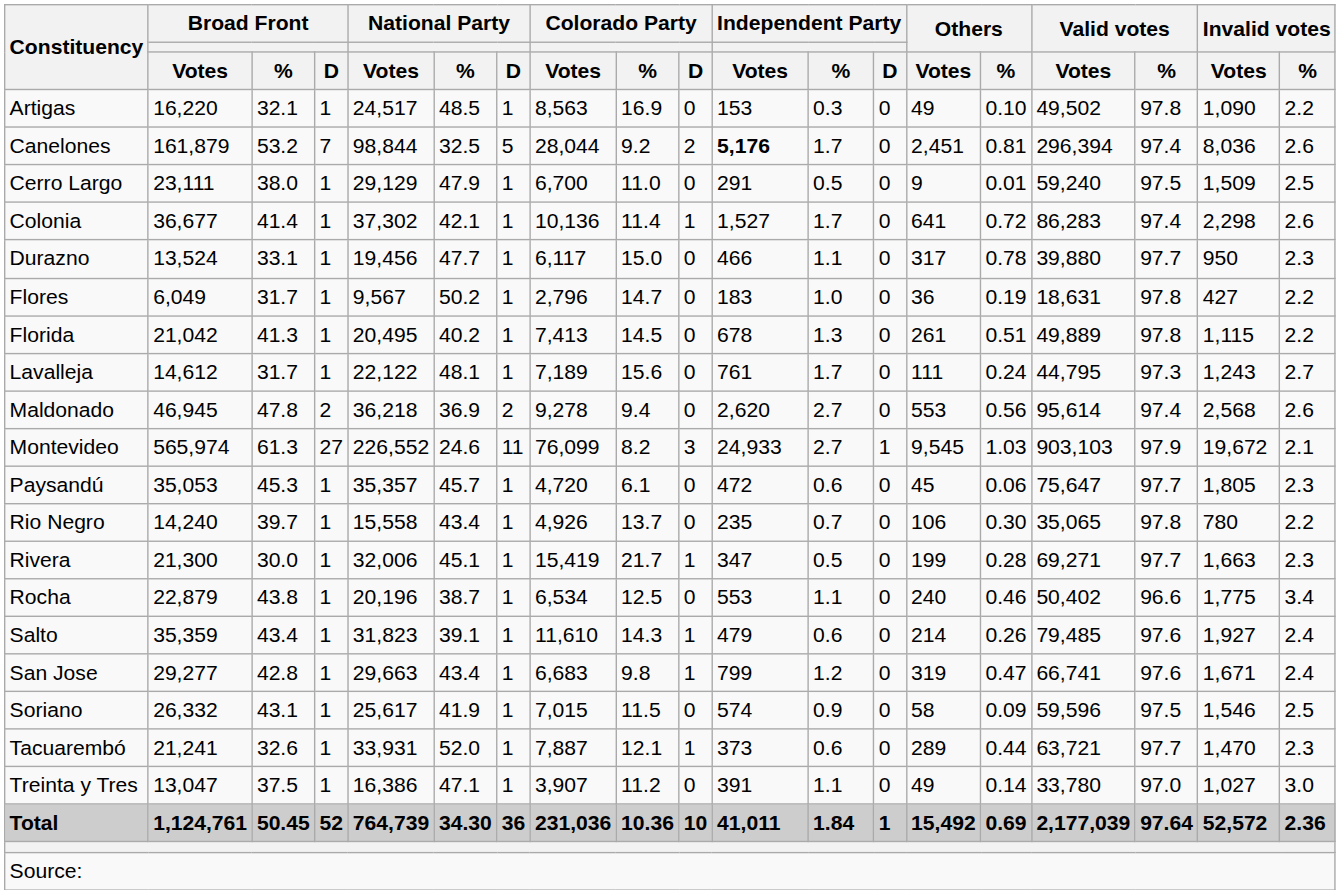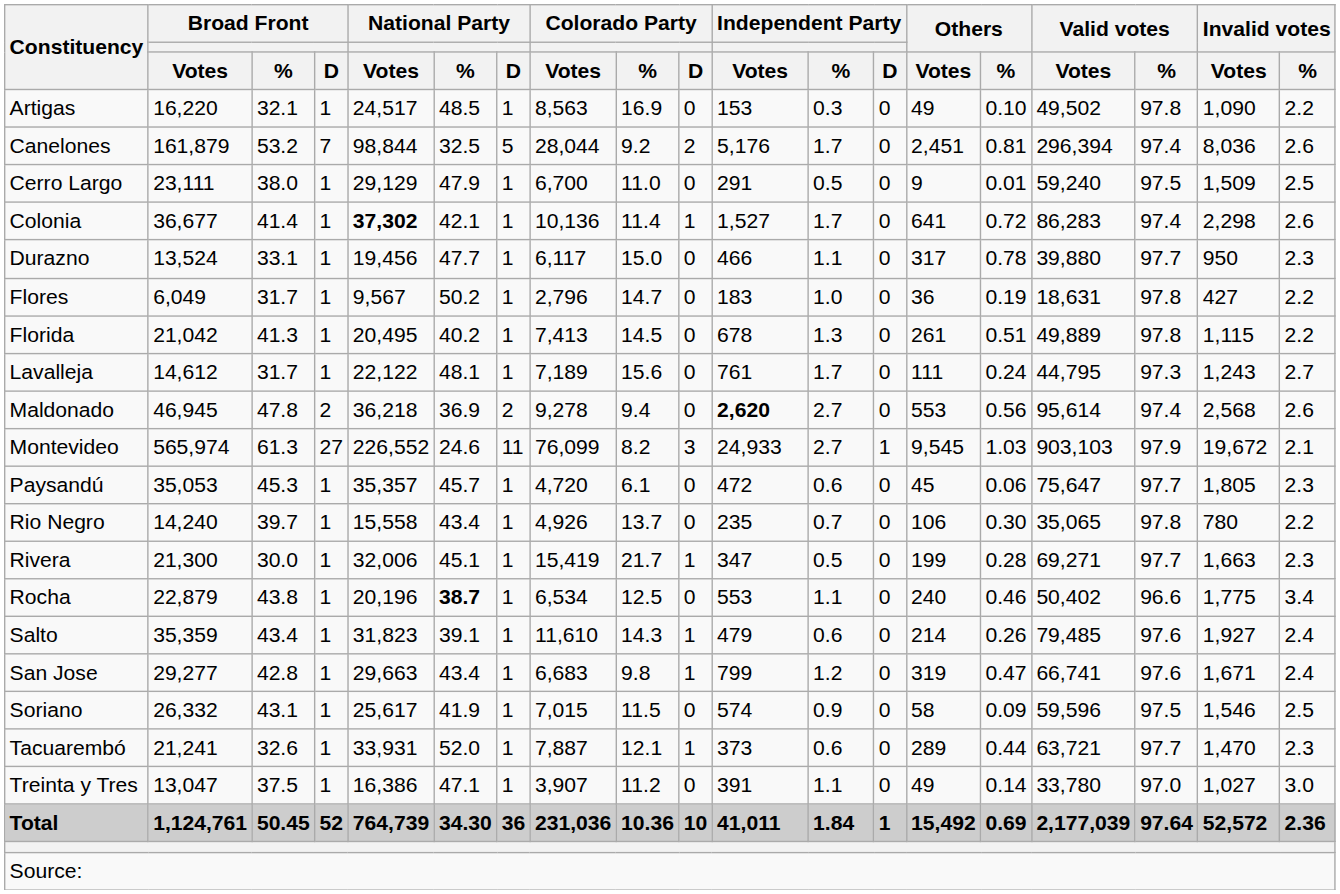 <table class="wikitable sortable collapsible collapsed tpl-blanktable" style="text-align:left; font-size:95%; line-height:20px;">
 <tr>
 <th rowspan="3">Constituency</th>
 <th colspan="3" width="30px" class="unsortable">Broad Front</th>
 <th colspan="3" width="30px" class="unsortable">National Party</th>
 <th colspan="3" width="30px" class="unsortable">Colorado Party</th>
 <th colspan="3">Independent Party</th>
 <th colspan="2" rowspan="2">Others</th>
 <th colspan="2" rowspan="2">Valid votes</th>
 <th colspan="2" rowspan="2">Invalid votes</th>
 </tr>
 <tr>
 <th colspan="3" style="background:"></th>
 <th colspan="3" style="background:"></th>
 <th colspan="3" style="background:"></th>
 <th colspan="3" style="background:"></th>
 </tr>
 <tr>
 <th data-sort-type="number">Votes</th>
 <th data-sort-type="number">%</th>
 <th>D</th>
 <th data-sort-type="number">Votes</th>
 <th data-sort-type="number">%</th>
 <th>D</th>
 <th data-sort-type="number">Votes</th>
 <th data-sort-type="number">%</th>
 <th>D</th>
 <th>Votes</th>
 <th>%</th>
 <th>D</th>
 <th>Votes</th>
 <th>%</th>
 <th>Votes</th>
 <th>%</th>
 <th>Votes</th>
 <th>%</th>
 </tr>
 <tr>
 <td align="left">Artigas</td>
 <td>16,220</td>
 <td>32.1</td>
 <td>1</td>
 <td style="background:">24,517</td>
 <td style="background:">48.5</td>
 <td>1</td>
 <td>8,563</td>
 <td>16.9</td>
 <td>0</td>
 <td>153</td>
 <td>0.3</td>
 <td>0</td>
 <td>49</td>
 <td>0.10</td>
 <td>49,502</td>
 <td>97.8</td>
 <td>1,090</td>
 <td>2.2</td>
 </tr>
 <tr>
 <td align="left">Canelones</td>
 <td style="background:">161,879</td>
 <td style="background:">53.2</td>
 <td>7</td>
 <td>98,844</td>
 <td>32.5</td>
 <td>5</td>
 <td>28,044</td>
 <td>9.2</td>
 <td>2</td>
-<td><strong>5,176</strong></td>
+<td>5,176</td>
 <td>1.7</td>
 <td>0</td>
 <td>2,451</td>
 <td>0.81</td>
 <td>296,394</td>
 <td>97.4</td>
 <td>8,036</td>
 <td>2.6</td>
 </tr>
 <tr>
 <td align="left">Cerro Largo</td>
 <td>23,111</td>
 <td>38.0</td>
 <td>1</td>
 <td style="background:">29,129</td>
 <td style="background:">47.9</td>
 <td>1</td>
 <td>6,700</td>
 <td>11.0</td>
 <td>0</td>
 <td>291</td>
 <td>0.5</td>
 <td>0</td>
 <td>9</td>
 <td>0.01</td>
 <td>59,240</td>
 <td>97.5</td>
 <td>1,509</td>
 <td>2.5</td>
 </tr>
 <tr>
 <td align="left">Colonia</td>
 <td>36,677</td>
 <td>41.4</td>
 <td>1</td>
-<td style="background:">37,302</td>
+<td style="background:"><strong>37,302</strong></td>
 <td style="background:">42.1</td>
 <td>1</td>
 <td>10,136</td>
 <td>11.4</td>
 <td>1</td>
 <td>1,527</td>
 <td>1.7</td>
 <td>0</td>
 <td>641</td>
 <td>0.72</td>
 <td>86,283</td>
 <td>97.4</td>
 <td>2,298</td>
 <td>2.6</td>
 </tr>
 <tr>
 <td align="left">Durazno</td>
 <td>13,524</td>
 <td>33.1</td>
 <td>1</td>
 <td style="background:">19,456</td>
 <td style="background:">47.7</td>
 <td>1</td>
 <td>6,117</td>
 <td>15.0</td>
 <td>0</td>
 <td>466</td>
 <td>1.1</td>
 <td>0</td>
 <td>317</td>
 <td>0.78</td>
 <td>39,880</td>
 <td>97.7</td>
 <td>950</td>
 <td>2.3</td>
 </tr>
 <tr>
 <td align="left">Flores</td>
 <td>6,049</td>
 <td>31.7</td>
 <td>1</td>
 <td style="background:">9,567</td>
 <td style="background:">50.2</td>
 <td>1</td>
 <td>2,796</td>
 <td>14.7</td>
 <td>0</td>
 <td>183</td>
 <td>1.0</td>
 <td>0</td>
 <td>36</td>
 <td>0.19</td>
 <td>18,631</td>
 <td>97.8</td>
 <td>427</td>
 <td>2.2</td>
 </tr>
 <tr>
 <td align="left">Florida</td>
 <td style="background:">21,042</td>
 <td style="background:">41.3</td>
 <td>1</td>
 <td>20,495</td>
 <td>40.2</td>
 <td>1</td>
 <td>7,413</td>
 <td>14.5</td>
 <td>0</td>
 <td>678</td>
 <td>1.3</td>
 <td>0</td>
 <td>261</td>
 <td>0.51</td>
 <td>49,889</td>
 <td>97.8</td>
 <td>1,115</td>
 <td>2.2</td>
 </tr>
 <tr>
 <td align="left">Lavalleja</td>
 <td>14,612</td>
 <td>31.7</td>
 <td>1</td>
 <td style="background:">22,122</td>
 <td style="background:">48.1</td>
 <td>1</td>
 <td>7,189</td>
 <td>15.6</td>
 <td>0</td>
 <td>761</td>
 <td>1.7</td>
 <td>0</td>
 <td>111</td>
 <td>0.24</td>
 <td>44,795</td>
 <td>97.3</td>
 <td>1,243</td>
 <td>2.7</td>
 </tr>
 <tr>
 <td align="left">Maldonado</td>
 <td style="background:">46,945</td>
 <td style="background:">47.8</td>
 <td>2</td>
 <td>36,218</td>
 <td>36.9</td>
 <td>2</td>
 <td>9,278</td>
 <td>9.4</td>
 <td>0</td>
-<td>2,620</td>
+<td><strong>2,620</strong></td>
 <td>2.7</td>
 <td>0</td>
 <td>553</td>
 <td>0.56</td>
 <td>95,614</td>
 <td>97.4</td>
 <td>2,568</td>
 <td>2.6</td>
 </tr>
 <tr>
 <td align="left">Montevideo</td>
 <td style="background:">565,974</td>
 <td style="background:">61.3</td>
 <td>27</td>
 <td>226,552</td>
 <td>24.6</td>
 <td>11</td>
 <td>76,099</td>
 <td>8.2</td>
 <td>3</td>
 <td>24,933</td>
 <td>2.7</td>
 <td>1</td>
 <td>9,545</td>
 <td>1.03</td>
 <td>903,103</td>
 <td>97.9</td>
 <td>19,672</td>
 <td>2.1</td>
 </tr>
 <tr>
 <td align="left">Paysandú</td>
 <td>35,053</td>
 <td>45.3</td>
 <td>1</td>
 <td style="background:">35,357</td>
 <td style="background:">45.7</td>
 <td>1</td>
 <td>4,720</td>
 <td>6.1</td>
 <td>0</td>
 <td>472</td>
 <td>0.6</td>
 <td>0</td>
 <td>45</td>
 <td>0.06</td>
 <td>75,647</td>
 <td>97.7</td>
 <td>1,805</td>
 <td>2.3</td>
 </tr>
 <tr>
 <td align="left">Rio Negro</td>
 <td>14,240</td>
 <td>39.7</td>
 <td>1</td>
 <td style="background:">15,558</td>
 <td style="background:">43.4</td>
 <td>1</td>
 <td>4,926</td>
 <td>13.7</td>
 <td>0</td>
 <td>235</td>
 <td>0.7</td>
 <td>0</td>
 <td>106</td>
 <td>0.30</td>
 <td>35,065</td>
 <td>97.8</td>
 <td>780</td>
 <td>2.2</td>
 </tr>
 <tr>
 <td align="left">Rivera</td>
 <td>21,300</td>
 <td>30.0</td>
 <td>1</td>
 <td style="background:">32,006</td>
 <td style="background:">45.1</td>
 <td>1</td>
 <td>15,419</td>
 <td>21.7</td>
 <td>1</td>
 <td>347</td>
 <td>0.5</td>
 <td>0</td>
 <td>199</td>
 <td>0.28</td>
 <td>69,271</td>
 <td>97.7</td>
 <td>1,663</td>
 <td>2.3</td>
 </tr>
 <tr>
 <td align="left">Rocha</td>
 <td style="background:">22,879</td>
 <td style="background:">43.8</td>
 <td>1</td>
 <td>20,196</td>
-<td>38.7</td>
+<td><strong>38.7</strong></td>
 <td>1</td>
 <td>6,534</td>
 <td>12.5</td>
 <td>0</td>
 <td>553</td>
 <td>1.1</td>
 <td>0</td>
 <td>240</td>
 <td>0.46</td>
 <td>50,402</td>
 <td>96.6</td>
 <td>1,775</td>
 <td>3.4</td>
 </tr>
 <tr>
 <td align="left">Salto</td>
 <td style="background:">35,359</td>
 <td style="background:">43.4</td>
 <td>1</td>
 <td>31,823</td>
 <td>39.1</td>
 <td>1</td>
 <td>11,610</td>
 <td>14.3</td>
 <td>1</td>
 <td>479</td>
 <td>0.6</td>
 <td>0</td>
 <td>214</td>
 <td>0.26</td>
 <td>79,485</td>
 <td>97.6</td>
 <td>1,927</td>
 <td>2.4</td>
 </tr>
 <tr>
 <td align="left">San Jose</td>
 <td>29,277</td>
 <td>42.8</td>
 <td>1</td>
 <td style="background:">29,663</td>
 <td style="background:">43.4</td>
 <td>1</td>
 <td>6,683</td>
 <td>9.8</td>
 <td>1</td>
 <td>799</td>
 <td>1.2</td>
 <td>0</td>
 <td>319</td>
 <td>0.47</td>
 <td>66,741</td>
 <td>97.6</td>
 <td>1,671</td>
 <td>2.4</td>
 </tr>
 <tr>
 <td align="left">Soriano</td>
 <td style="background:">26,332</td>
 <td style="background:">43.1</td>
 <td>1</td>
 <td>25,617</td>
 <td>41.9</td>
 <td>1</td>
 <td>7,015</td>
 <td>11.5</td>
 <td>0</td>
 <td>574</td>
 <td>0.9</td>
 <td>0</td>
 <td>58</td>
 <td>0.09</td>
 <td>59,596</td>
 <td>97.5</td>
 <td>1,546</td>
 <td>2.5</td>
 </tr>
 <tr>
 <td align="left">Tacuarembó</td>
 <td>21,241</td>
 <td>32.6</td>
 <td>1</td>
 <td style="background:">33,931</td>
 <td style="background:">52.0</td>
 <td>1</td>
 <td>7,887</td>
 <td>12.1</td>
 <td>1</td>
 <td>373</td>
 <td>0.6</td>
 <td>0</td>
 <td>289</td>
 <td>0.44</td>
 <td>63,721</td>
 <td>97.7</td>
 <td>1,470</td>
 <td>2.3</td>
 </tr>
 <tr>
 <td align="left">Treinta y Tres</td>
 <td>13,047</td>
 <td>37.5</td>
 <td>1</td>
 <td style="background:">16,386</td>
 <td style="background:">47.1</td>
 <td>1</td>
 <td>3,907</td>
 <td>11.2</td>
 <td>0</td>
 <td>391</td>
 <td>1.1</td>
 <td>0</td>
 <td>49</td>
 <td>0.14</td>
 <td>33,780</td>
 <td>97.0</td>
 <td>1,027</td>
 <td>3.0</td>
 </tr>
 <tr style="background:#CDCDCD;">
 <td align="left"><strong>Total</strong></td>
 <td style="background:"><strong>1,124,761</strong></td>
 <td style="background:"><strong>50.45</strong></td>
 <td><strong>52</strong></td>
 <td><strong>764,739</strong></td>
 <td><strong>34.30</strong></td>
 <td><strong>36</strong></td>
 <td><strong>231,036</strong></td>
 <td><strong>10.36</strong></td>
 <td><strong>10</strong></td>
 <td><strong>41,011</strong></td>
 <td><strong>1.84</strong></td>
 <td><strong>1</strong></td>
 <td><strong>15,492</strong></td>
 <td><strong>0.69</strong></td>
 <td><strong>2,177,039</strong></td>
 <td><strong>97.64</strong></td>
 <td><strong>52,572</strong></td>
 <td><strong>2.36</strong></td>
 </tr>
 <tr>
 <th colspan="19"></th>
 </tr>
 <tr>
 <th colspan="19" style="text-align:left; font-weight:normal; background:#F9F9F9">Source: </th>
 </tr>
 </table>
